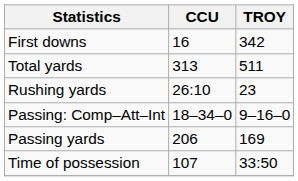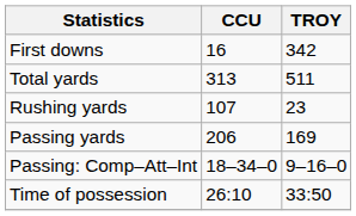 <table class="wikitable" style="float: left;">
 <tr>
 <th>Statistics</th>
 <th>CCU</th>
 <th>TROY</th>
 </tr>
 <tr>
 <td>First downs</td>
 <td>16</td>
 <td>342</td>
 </tr>
 <tr>
 <td>Total yards</td>
 <td>313</td>
 <td>511</td>
 </tr>
 <tr>
 <td>Rushing yards</td>
-<td>26:10</td>
+<td>107</td>
 <td>23</td>
+</tr>
+<tr>
+<td>Passing yards</td>
+<td>206</td>
+<td>169</td>
 </tr>
 <tr>
 <td>Passing: Comp–Att–Int</td>
 <td>18–34–0</td>
 <td>9–16–0</td>
 </tr>
 <tr>
-<td>Passing yards</td>
-<td>206</td>
-<td>169</td>
-</tr>
-<tr>
 <td>Time of possession</td>
-<td>107</td>
+<td>26:10</td>
 <td>33:50</td>
 </tr>
 <tr>
 </tr>
 </table>
